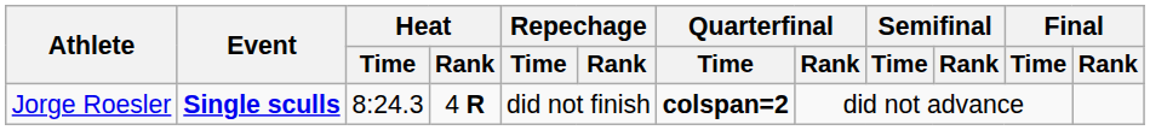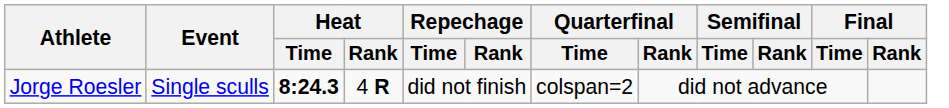 <table class=wikitable style=font-size:90%;text-align:center>
 <tr>
 <th rowspan=2>Athlete</th>
 <th rowspan=2>Event</th>
 <th colspan=2>Heat</th>
 <th colspan=2>Repechage</th>
 <th colspan=2>Quarterfinal</th>
 <th colspan=2>Semifinal</th>
 <th colspan=2>Final</th>
 </tr>
 <tr style=font-size:95%>
 <th>Time</th>
 <th>Rank</th>
 <th>Time</th>
 <th>Rank</th>
 <th>Time</th>
 <th>Rank</th>
 <th>Time</th>
 <th>Rank</th>
 <th>Time</th>
 <th>Rank</th>
 </tr>
 <tr>
 <td align=left><a href='#'>Jorge Roesler</a></td>
-<td align=left><strong><a href='#'>Single sculls</a></strong></td>
-<td>8:24.3</td>
+<td align=left><a href='#'>Single sculls</a></td>
+<td><strong>8:24.3</strong></td>
 <td>4 <strong>R</strong></td>
 <td colspan=2>did not finish</td>
-<td><strong>colspan=2 </strong></td>
+<td>colspan=2 </td>
 <td colspan=4>did not advance</td>
 </tr>
 </table>
